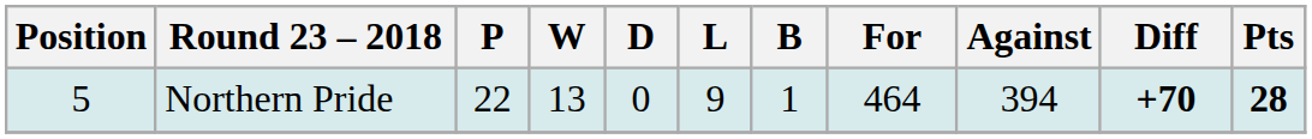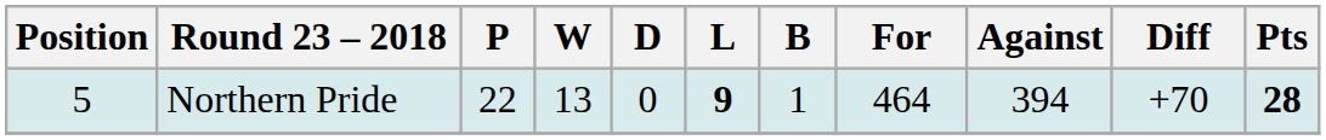 <table class="wikitable" style="text-align:center; font-size:85%;">
 <tr style="background: #d7ebed;">
 <th width="40" abbr="Position">Position</th>
 <th width="100">Round 23 – 2018</th>
 <th width="20" abbr="Played">P</th>
 <th width="20" abbr="Won">W</th>
 <th width="20" abbr="Drawn">D</th>
 <th width="20" abbr="Lost">L</th>
 <th width="20" abbr="Bye">B</th>
 <th width="40" abbr="Points for">For</th>
 <th width="40" abbr="Points against">Against</th>
 <th width="40" abbr="Points difference">Diff</th>
 <th width=20 abbr="Points">Pts</th>
 </tr>
 <tr style="background: #d7ebed;">
 <td>5</td>
 <td style="text-align:left;"> Northern Pride</td>
 <td>22</td>
 <td>13</td>
 <td>0</td>
-<td>9</td>
+<td><strong>9</strong></td>
 <td>1</td>
 <td>464</td>
 <td>394</td>
-<td><strong>+70</strong></td>
+<td>+70</td>
 <td><strong>28</strong></td>
 </tr>
 <tr>
 </tr>
 </table>
